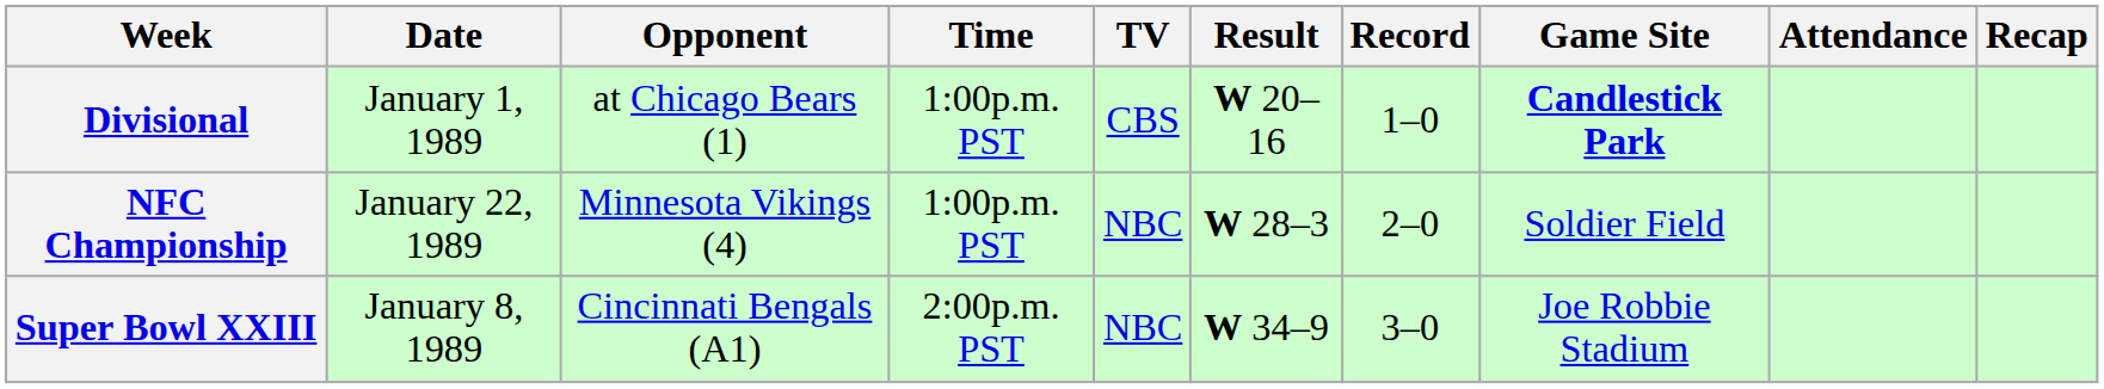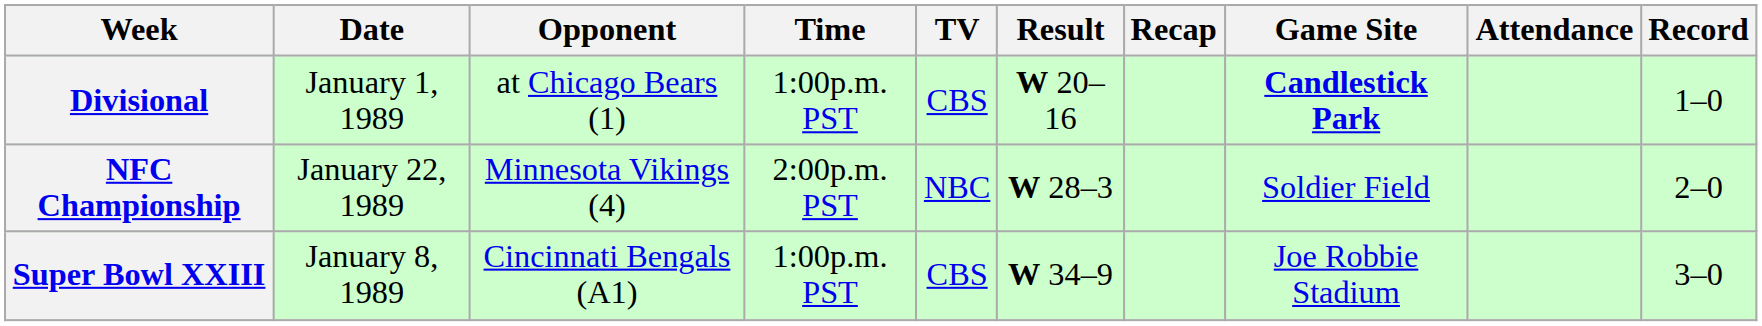 <table class="wikitable" style="text-align:center">
 <tr>
 <th>Week</th>
 <th>Date</th>
 <th>Opponent</th>
 <th>Time</th>
 <th>TV</th>
 <th>Result</th>
-<th>Record</th>
+<th>Recap</th>
 <th>Game Site</th>
 <th>Attendance</th>
-<th>Recap</th>
+<th>Record</th>
 </tr>
 <tr style="background:#cfc">
 <th><a href='#'>Divisional</a></th>
 <td>January 1, 1989</td>
 <td>at <a href='#'>Chicago Bears</a> (1)</td>
 <td>1:00p.m. <a href='#'>PST</a></td>
 <td><a href='#'>CBS</a></td>
 <td><strong>W</strong> 20–16</td>
-<td>1–0</td>
+<td></td>
 <td><strong><a href='#'>Candlestick Park</a></strong></td>
 <td></td>
-<td></td>
+<td>1–0</td>
 </tr>
 <tr style="background:#cfc">
 <th><a href='#'>NFC Championship</a></th>
 <td>January 22, 1989</td>
 <td><a href='#'>Minnesota Vikings</a> (4)</td>
-<td>1:00p.m. <a href='#'>PST</a></td>
+<td>2:00p.m. <a href='#'>PST</a></td>
 <td><a href='#'>NBC</a></td>
 <td><strong>W</strong> 28–3</td>
-<td>2–0</td>
+<td></td>
 <td><a href='#'>Soldier Field</a></td>
 <td></td>
-<td></td>
+<td>2–0</td>
 </tr>
 <tr style="background:#cfc">
 <th><a href='#'>Super Bowl XXIII</a></th>
 <td>January 8, 1989</td>
 <td><a href='#'>Cincinnati Bengals</a> (A1)</td>
-<td>2:00p.m. <a href='#'>PST</a></td>
-<td><a href='#'>NBC</a></td>
+<td>1:00p.m. <a href='#'>PST</a></td>
+<td><a href='#'>CBS</a></td>
 <td><strong>W</strong> 34–9</td>
-<td>3–0</td>
+<td></td>
 <td><a href='#'>Joe Robbie Stadium</a></td>
 <td></td>
-<td></td>
+<td>3–0</td>
 </tr>
 </table>
